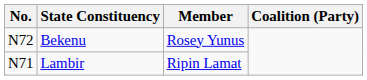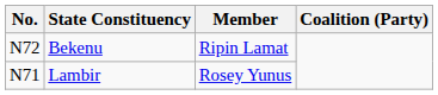 <table class="wikitable">
 <tr>
 <th>No.</th>
 <th>State Constituency</th>
 <th>Member</th>
 <th>Coalition (Party)</th>
 </tr>
 <tr>
 <td>N72</td>
 <td><a href='#'>Bekenu</a></td>
-<td><a href='#'>Rosey Yunus</a></td>
+<td><a href='#'>Ripin Lamat</a></td>
 <td rowspan="2"></td>
 </tr>
 <tr>
 <td>N71</td>
 <td><a href='#'>Lambir</a></td>
-<td><a href='#'>Ripin Lamat</a></td>
+<td><a href='#'>Rosey Yunus</a></td>
 </tr>
 </table>
